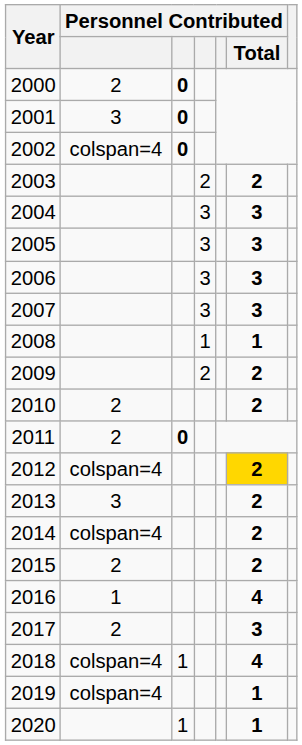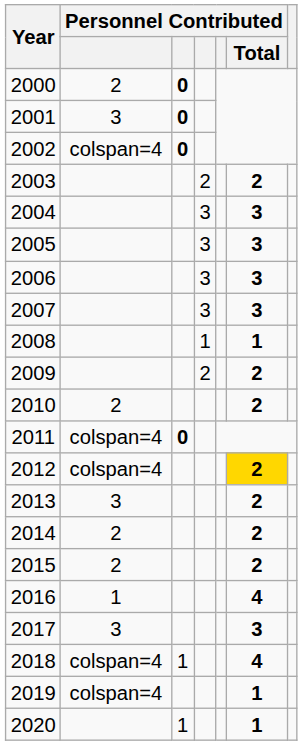 <table style="text-align:center; font-size:95%; margin-left:2em;"  class="wikitable">
 <tr>
 <th rowspan=2>Year</th>
 <th colspan=5>Personnel Contributed</th>
 <th rowspan=2></th>
 </tr>
 <tr>
 <th></th>
 <th></th>
 <th></th>
 <th></th>
 <th>Total</th>
 </tr>
 <tr>
 <td>2000</td>
 <td>2</td>
 <td><strong>0</strong></td>
 <td></td>
 </tr>
 <tr>
 <td>2001</td>
 <td>3</td>
 <td><strong>0</strong></td>
 <td></td>
 </tr>
 <tr>
 <td>2002</td>
 <td>colspan=4 </td>
 <td><strong>0</strong></td>
 <td></td>
 </tr>
 <tr>
 <td>2003</td>
 <td></td>
 <td></td>
 <td>2</td>
 <td></td>
 <td><strong>2</strong></td>
 <td></td>
 </tr>
 <tr>
 <td>2004</td>
 <td></td>
 <td></td>
 <td>3</td>
 <td></td>
 <td><strong>3</strong></td>
 <td></td>
 </tr>
 <tr>
 <td>2005</td>
 <td></td>
 <td></td>
 <td>3</td>
 <td></td>
 <td><strong>3</strong></td>
 <td></td>
 </tr>
 <tr>
 <td>2006</td>
 <td></td>
 <td></td>
 <td>3</td>
 <td></td>
 <td><strong>3</strong></td>
 <td></td>
 </tr>
 <tr>
 <td>2007</td>
 <td></td>
 <td></td>
 <td>3</td>
 <td></td>
 <td><strong>3</strong></td>
 <td></td>
 </tr>
 <tr>
 <td>2008</td>
 <td></td>
 <td></td>
 <td>1</td>
 <td></td>
 <td><strong>1</strong></td>
 <td></td>
 </tr>
 <tr>
 <td>2009</td>
 <td></td>
 <td></td>
 <td>2</td>
 <td></td>
 <td><strong>2</strong></td>
 <td></td>
 </tr>
 <tr>
 <td>2010</td>
 <td>2</td>
 <td></td>
 <td></td>
 <td></td>
 <td><strong>2</strong></td>
 <td></td>
 </tr>
 <tr>
 <td>2011</td>
-<td>2</td>
+<td>colspan=4 </td>
 <td><strong>0</strong></td>
 <td></td>
 </tr>
 <tr>
 <td>2012</td>
 <td>colspan=4 </td>
 <td></td>
 <td></td>
 <td></td>
 <td style="background: gold;"><strong>2</strong></td>
 <td></td>
 </tr>
 <tr>
 <td>2013</td>
 <td>3</td>
 <td></td>
 <td></td>
 <td></td>
 <td><strong>2</strong></td>
 <td></td>
 </tr>
 <tr>
 <td>2014</td>
-<td>colspan=4 </td>
+<td>2</td>
 <td></td>
 <td></td>
 <td></td>
 <td><strong>2</strong></td>
 <td></td>
 </tr>
 <tr>
 <td>2015</td>
 <td>2</td>
 <td></td>
 <td></td>
 <td></td>
 <td><strong>2</strong></td>
 <td></td>
 </tr>
 <tr>
 <td>2016</td>
 <td>1</td>
 <td></td>
 <td></td>
 <td></td>
 <td><strong>4</strong></td>
 <td></td>
 </tr>
 <tr>
 <td>2017</td>
-<td>2</td>
+<td>3</td>
 <td></td>
 <td></td>
 <td></td>
 <td><strong>3</strong></td>
 <td></td>
 </tr>
 <tr>
 <td>2018</td>
 <td>colspan=4 </td>
 <td>1</td>
 <td></td>
 <td></td>
 <td><strong>4</strong></td>
 <td></td>
 </tr>
 <tr>
 <td>2019</td>
 <td>colspan=4 </td>
 <td></td>
 <td></td>
 <td></td>
 <td><strong>1</strong></td>
 <td></td>
 </tr>
 <tr>
 <td>2020</td>
 <td></td>
 <td>1</td>
 <td></td>
 <td></td>
 <td><strong>1</strong></td>
 <td></td>
 </tr>
 </table>
